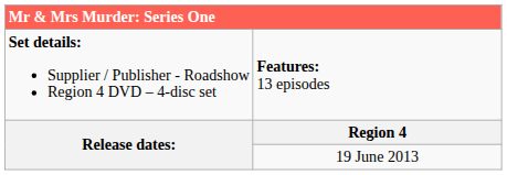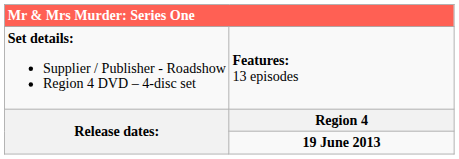 <table class="wikitable">
 <tr style="color:white">
 <td colspan="2"  style="background:#FF6054; width:100%;"><strong>Mr & Mrs Murder: Series One</strong></td>
 </tr>
 <tr>
 <td style="width:50%;"><strong>Set details:</strong><br><ul><li>Supplier / Publisher - Roadshow</li><li>Region 4 DVD – 4-disc set</li></ul></td>
 <td><strong>Features:</strong><br>13 episodes</td>
 </tr>
 <tr>
 <th rowspan="2">Release dates:</th>
 <th>Region 4</th>
 </tr>
 <tr>
-<td style="text-align:center;">19 June 2013</td>
+<td style="text-align:center;"><strong>19 June 2013</strong></td>
 </tr>
 </table>
